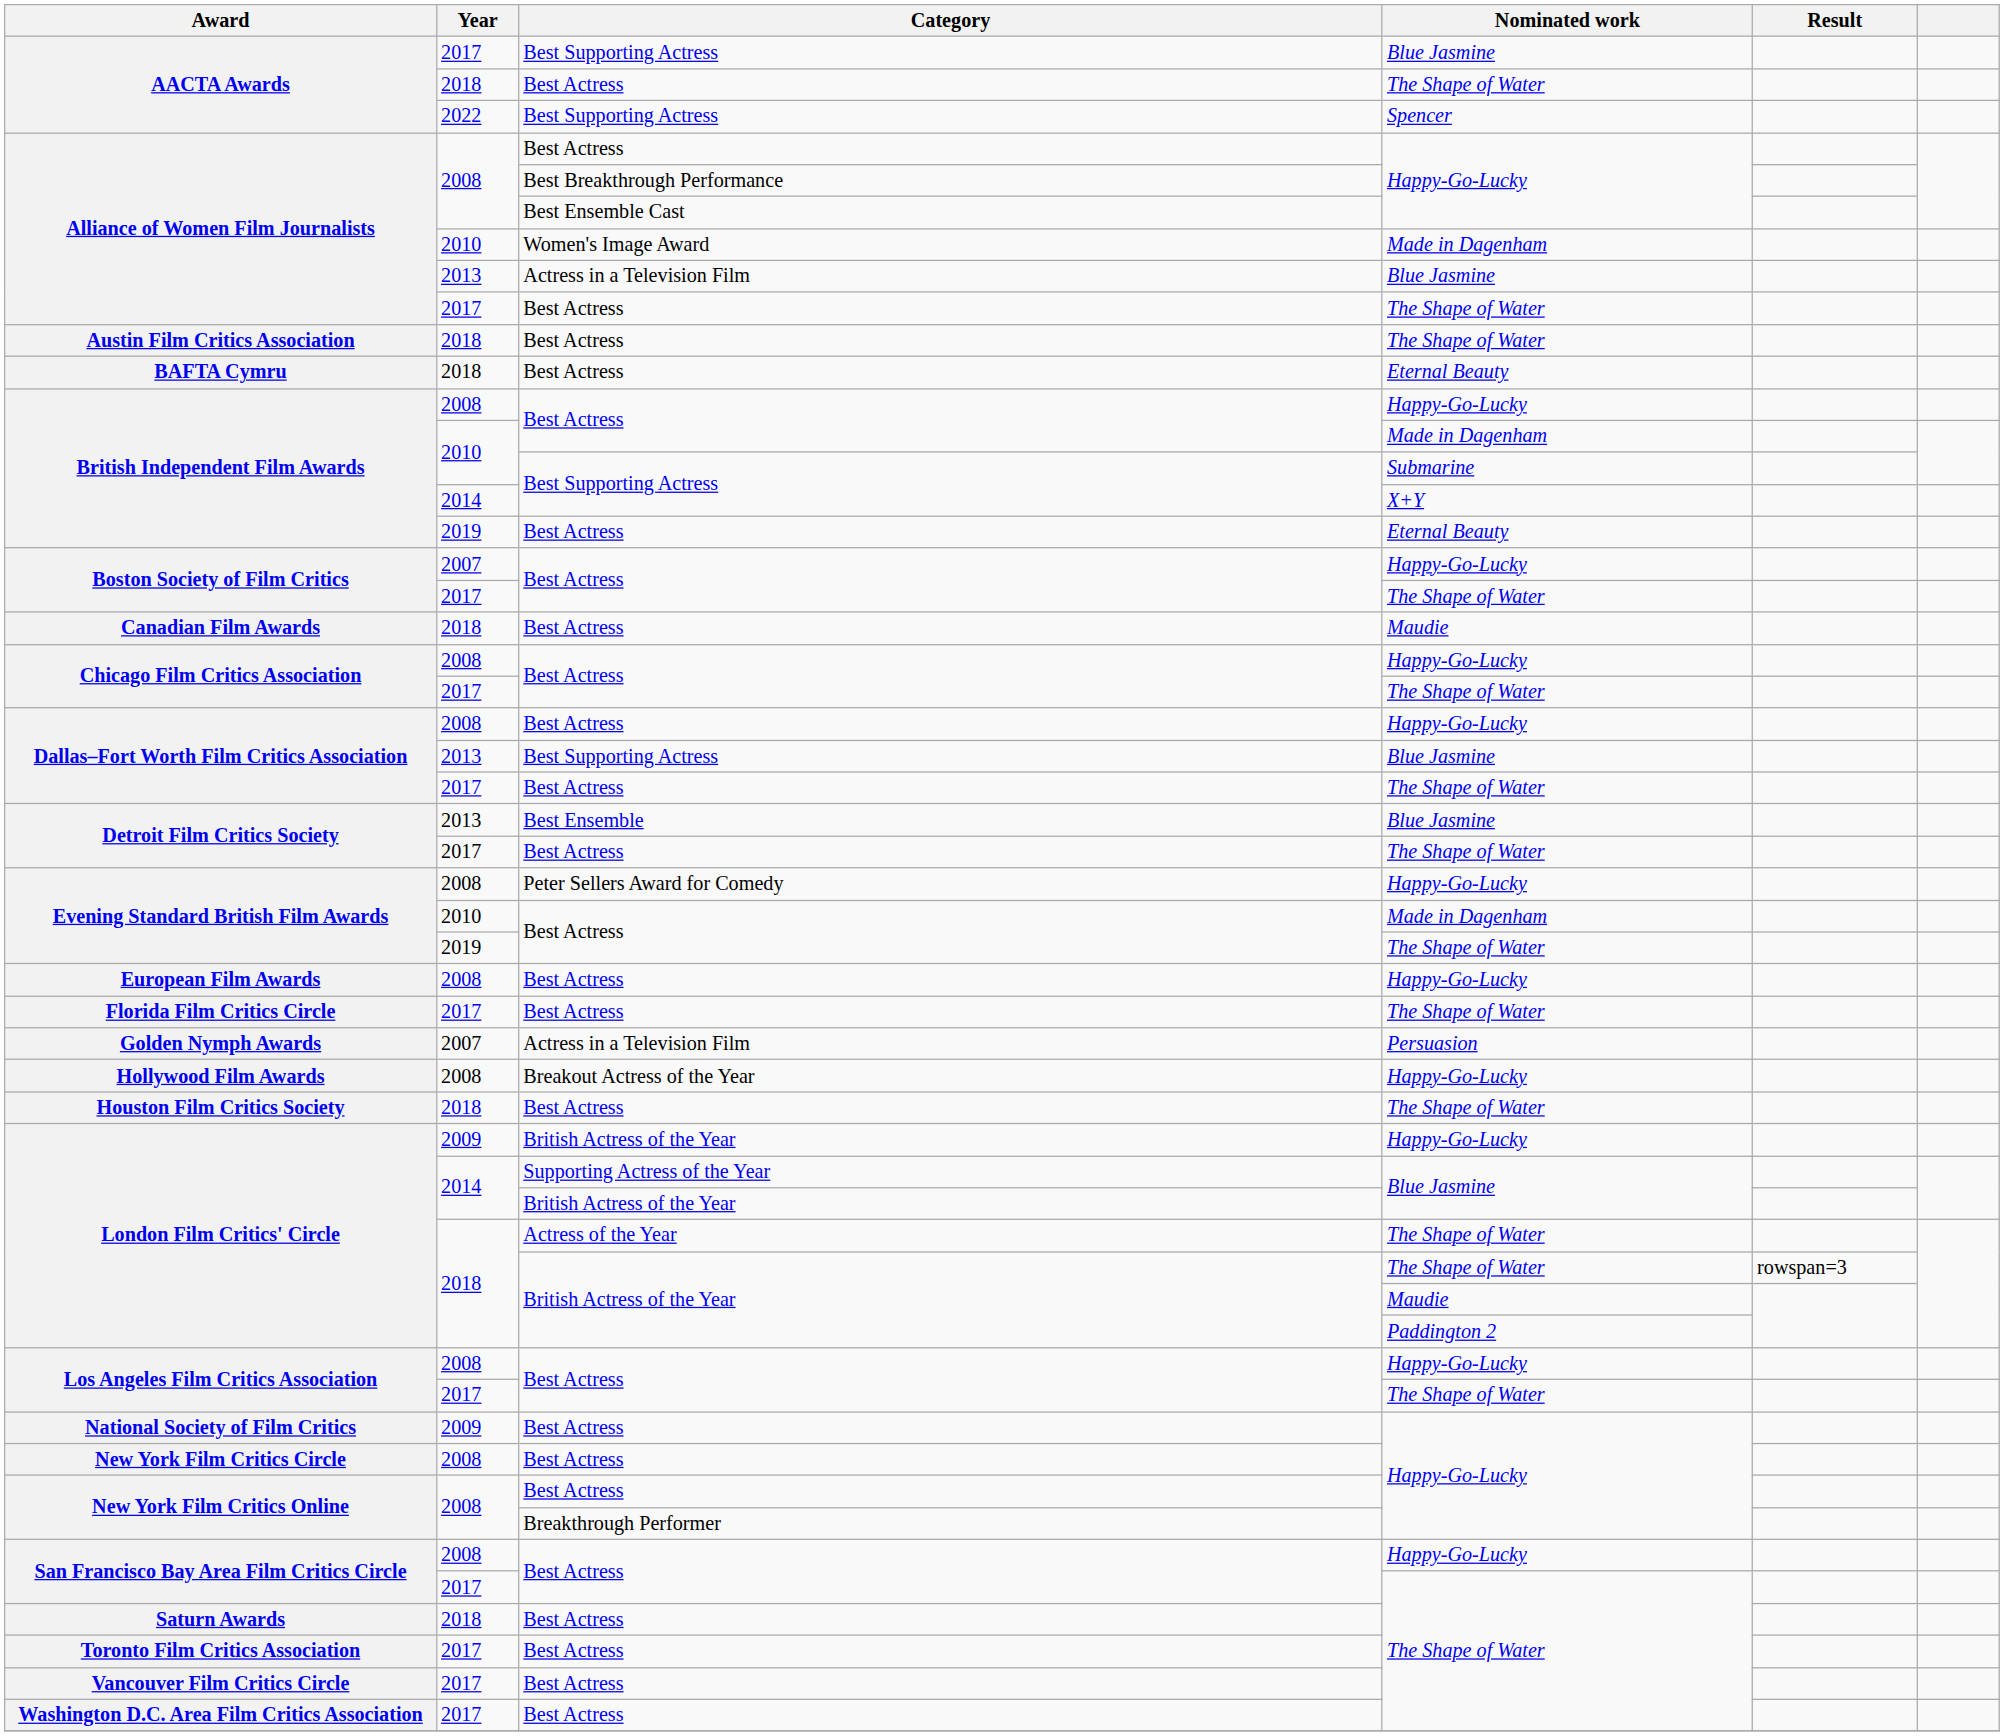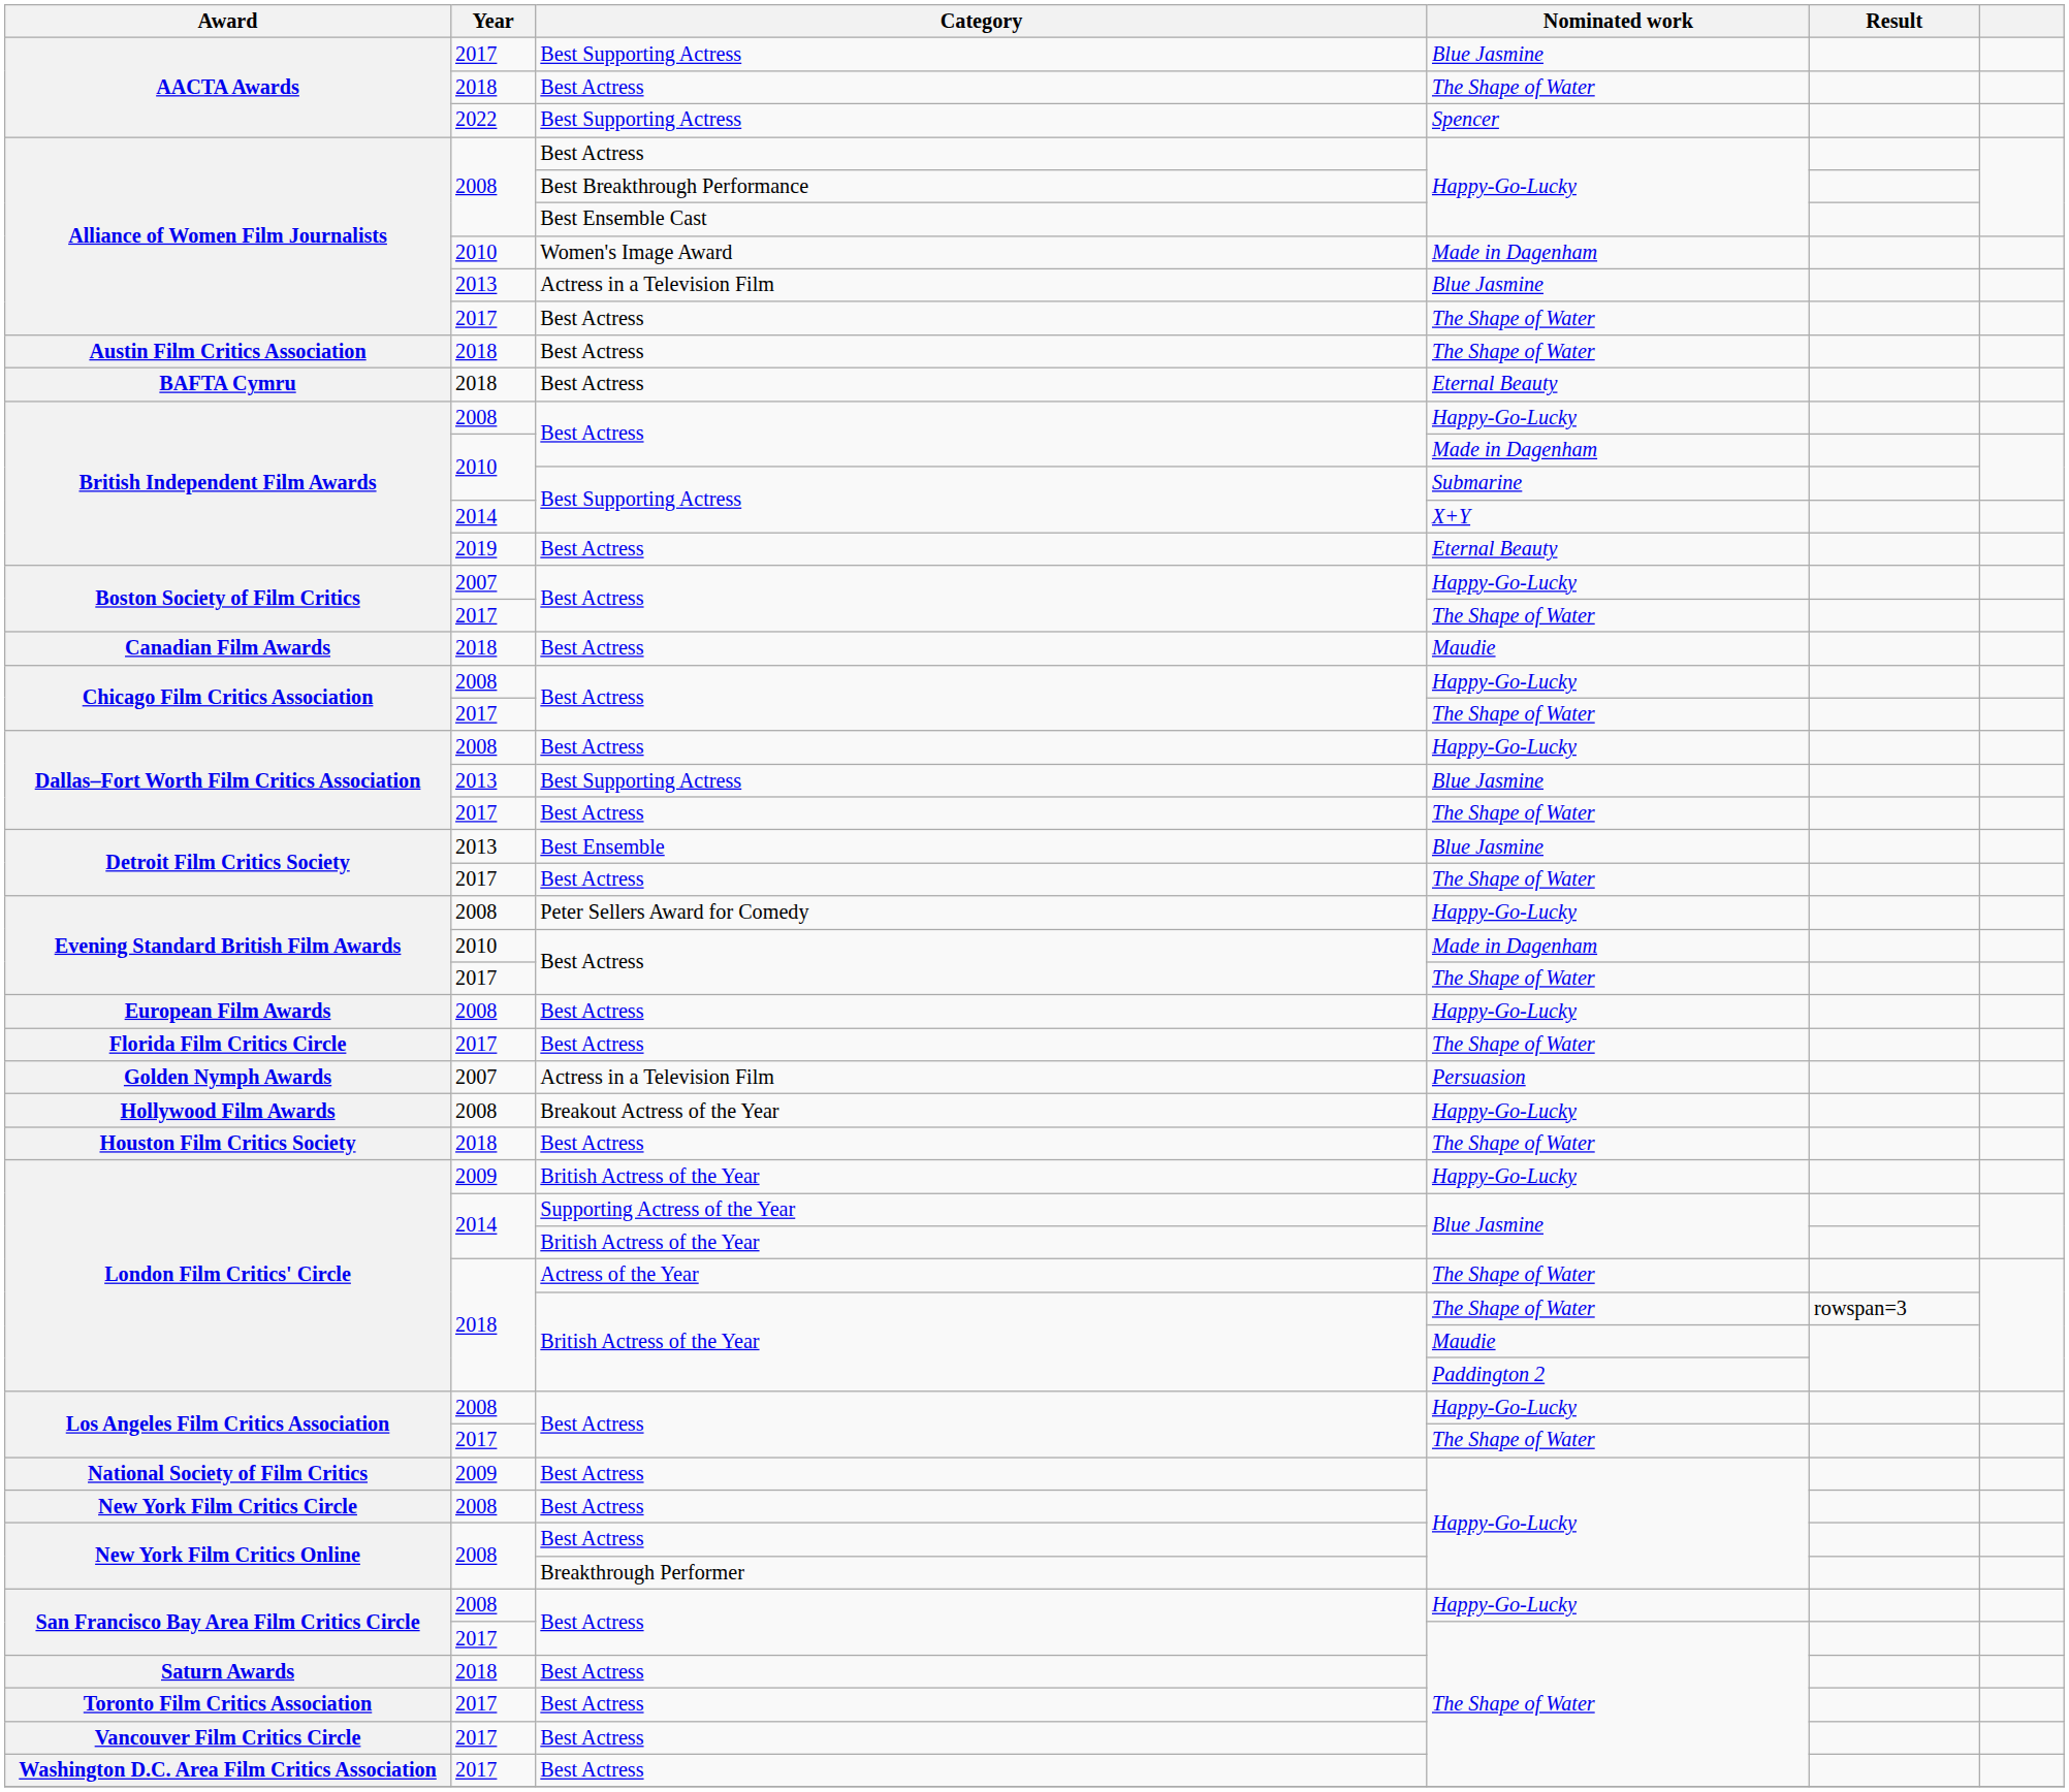 <table class="wikitable sortable plainrowheaders" style="width:100%;">
 <tr>
 <th scope="col" style="width:21%;">Award</th>
 <th scope="col" style="width:4%;">Year</th>
 <th scope="col" style="width:42%;">Category</th>
 <th scope="col" style="width:18%;">Nominated work</th>
 <th scope="col" style="width:8%;">Result</th>
 <th scope="col" style="width:4%;" class="unsortable"></th>
 </tr>
 <tr>
 <th rowspan="3" scope="row"><a href='#'>AACTA Awards</a></th>
 <td><a href='#'>2017</a></td>
 <td><a href='#'>Best Supporting Actress</a></td>
 <td><em><a href='#'>Blue Jasmine</a></em></td>
 <td></td>
 <td align="center"></td>
 </tr>
 <tr>
 <td><a href='#'>2018</a></td>
 <td><a href='#'>Best Actress</a></td>
 <td><em><a href='#'>The Shape of Water</a></em></td>
 <td></td>
 <td align="center"></td>
 </tr>
 <tr>
 <td><a href='#'>2022</a></td>
 <td><a href='#'>Best Supporting Actress</a></td>
 <td><em><a href='#'>Spencer</a></em></td>
 <td></td>
 <td align="center"></td>
 </tr>
 <tr>
 <th rowspan="6" scope="row"><a href='#'>Alliance of Women Film Journalists</a></th>
 <td rowspan="3"><a href='#'>2008</a></td>
 <td>Best Actress</td>
 <td rowspan="3"><em><a href='#'>Happy-Go-Lucky</a></em></td>
 <td></td>
 <td rowspan="3" align="center"></td>
 </tr>
 <tr>
 <td>Best Breakthrough Performance</td>
 <td></td>
 </tr>
 <tr>
 <td>Best Ensemble Cast</td>
 <td></td>
 </tr>
 <tr>
 <td><a href='#'>2010</a></td>
 <td>Women's Image Award</td>
 <td><em><a href='#'>Made in Dagenham</a></em></td>
 <td></td>
 <td></td>
 </tr>
 <tr>
 <td><a href='#'>2013</a></td>
 <td>Actress in a Television Film</td>
 <td><em><a href='#'>Blue Jasmine</a></em></td>
 <td></td>
 <td align="center"></td>
 </tr>
 <tr>
 <td><a href='#'>2017</a></td>
 <td>Best Actress</td>
 <td><em><a href='#'>The Shape of Water</a></em></td>
 <td></td>
 <td></td>
 </tr>
 <tr>
 <th scope="row"><a href='#'>Austin Film Critics Association</a></th>
 <td><a href='#'>2018</a></td>
 <td>Best Actress</td>
 <td><em><a href='#'>The Shape of Water</a></em></td>
 <td></td>
 <td align="center"></td>
 </tr>
 <tr>
 <th scope="row"><a href='#'>BAFTA Cymru</a></th>
 <td>2018</td>
 <td>Best Actress</td>
 <td><em><a href='#'>Eternal Beauty</a></em></td>
 <td></td>
 <td></td>
 </tr>
 <tr>
 <th rowspan="5" scope="row"><a href='#'>British Independent Film Awards</a></th>
 <td><a href='#'>2008</a></td>
 <td rowspan="2"><a href='#'>Best Actress</a></td>
 <td><em><a href='#'>Happy-Go-Lucky</a></em></td>
 <td></td>
 <td align="center"></td>
 </tr>
 <tr>
 <td rowspan="2"><a href='#'>2010</a></td>
 <td><em><a href='#'>Made in Dagenham</a></em></td>
 <td></td>
 <td rowspan="2" align="center"></td>
 </tr>
 <tr>
 <td rowspan="2"><a href='#'>Best Supporting Actress</a></td>
 <td><em><a href='#'>Submarine</a></em></td>
 <td></td>
 </tr>
 <tr>
 <td><a href='#'>2014</a></td>
 <td><em><a href='#'>X+Y</a></em></td>
 <td></td>
 <td align="center"></td>
 </tr>
 <tr>
 <td><a href='#'>2019</a></td>
 <td><a href='#'>Best Actress</a></td>
 <td><em><a href='#'>Eternal Beauty</a></em></td>
 <td></td>
 <td align="center"></td>
 </tr>
 <tr>
 <th rowspan="2" scope="row"><a href='#'>Boston Society of Film Critics</a></th>
 <td><a href='#'>2007</a></td>
 <td rowspan="2"><a href='#'>Best Actress</a></td>
 <td><em><a href='#'>Happy-Go-Lucky</a></em></td>
 <td></td>
 <td></td>
 </tr>
 <tr>
 <td><a href='#'>2017</a></td>
 <td><em><a href='#'>The Shape of Water</a></em></td>
 <td></td>
 <td align="center"></td>
 </tr>
 <tr>
 <th scope="row"><a href='#'>Canadian Film Awards</a></th>
 <td><a href='#'>2018</a></td>
 <td><a href='#'>Best Actress</a></td>
 <td><em><a href='#'>Maudie</a></em></td>
 <td></td>
 <td align="center"></td>
 </tr>
 <tr>
 <th rowspan="2" scope="row"><a href='#'>Chicago Film Critics Association</a></th>
 <td><a href='#'>2008</a></td>
 <td rowspan="2"><a href='#'>Best Actress</a></td>
 <td><em><a href='#'>Happy-Go-Lucky</a></em></td>
 <td></td>
 <td></td>
 </tr>
 <tr>
 <td><a href='#'>2017</a></td>
 <td><em><a href='#'>The Shape of Water</a></em></td>
 <td></td>
 <td align="center"></td>
 </tr>
 <tr>
 <th rowspan="3" scope="row"><a href='#'>Dallas–Fort Worth Film Critics Association</a></th>
 <td><a href='#'>2008</a></td>
 <td><a href='#'>Best Actress</a></td>
 <td><em><a href='#'>Happy-Go-Lucky</a></em></td>
 <td></td>
 <td align="center"></td>
 </tr>
 <tr>
 <td><a href='#'>2013</a></td>
 <td><a href='#'>Best Supporting Actress</a></td>
 <td><em><a href='#'>Blue Jasmine</a></em></td>
 <td></td>
 <td align="center"></td>
 </tr>
 <tr>
 <td><a href='#'>2017</a></td>
 <td><a href='#'>Best Actress</a></td>
 <td><em><a href='#'>The Shape of Water</a></em></td>
 <td></td>
 <td align="center"></td>
 </tr>
 <tr>
 <th rowspan="2" scope="row"><a href='#'>Detroit Film Critics Society</a></th>
 <td>2013</td>
 <td><a href='#'>Best Ensemble</a></td>
 <td><em><a href='#'>Blue Jasmine</a></em></td>
 <td></td>
 <td></td>
 </tr>
 <tr>
 <td>2017</td>
 <td><a href='#'>Best Actress</a></td>
 <td><em><a href='#'>The Shape of Water</a></em></td>
 <td></td>
 <td align="center"></td>
 </tr>
 <tr>
 <th rowspan="3" scope="row"><a href='#'>Evening Standard British Film Awards</a></th>
 <td>2008</td>
 <td>Peter Sellers Award for Comedy</td>
 <td><em><a href='#'>Happy-Go-Lucky</a></em></td>
 <td></td>
 <td></td>
 </tr>
 <tr>
 <td>2010</td>
 <td rowspan="2">Best Actress</td>
 <td><em><a href='#'>Made in Dagenham</a></em></td>
 <td></td>
 <td></td>
 </tr>
 <tr>
-<td>2019</td>
+<td>2017</td>
 <td><em><a href='#'>The Shape of Water</a></em></td>
 <td></td>
 <td></td>
 </tr>
 <tr>
 <th scope="row"><a href='#'>European Film Awards</a></th>
 <td><a href='#'>2008</a></td>
 <td><a href='#'>Best Actress</a></td>
 <td><em><a href='#'>Happy-Go-Lucky</a></em></td>
 <td></td>
 <td align="center"></td>
 </tr>
 <tr>
 <th scope="row"><a href='#'>Florida Film Critics Circle</a></th>
 <td><a href='#'>2017</a></td>
 <td><a href='#'>Best Actress</a></td>
 <td><em><a href='#'>The Shape of Water</a></em></td>
 <td></td>
 <td align="center"></td>
 </tr>
 <tr>
 <th scope="row"><a href='#'>Golden Nymph Awards</a></th>
 <td>2007</td>
 <td>Actress in a Television Film</td>
 <td><em><a href='#'>Persuasion</a></em></td>
 <td></td>
 <td></td>
 </tr>
 <tr>
 <th scope="row"><a href='#'>Hollywood Film Awards</a></th>
 <td>2008</td>
 <td>Breakout Actress of the Year</td>
 <td><em><a href='#'>Happy-Go-Lucky</a></em></td>
 <td></td>
 <td></td>
 </tr>
 <tr>
 <th scope="row"><a href='#'>Houston Film Critics Society</a></th>
 <td><a href='#'>2018</a></td>
 <td><a href='#'>Best Actress</a></td>
 <td><em><a href='#'>The Shape of Water</a></em></td>
 <td></td>
 <td align="center"></td>
 </tr>
 <tr>
 <th rowspan="7" scope="row"><a href='#'>London Film Critics' Circle</a></th>
 <td><a href='#'>2009</a></td>
 <td><a href='#'>British Actress of the Year</a></td>
 <td><em><a href='#'>Happy-Go-Lucky</a></em></td>
 <td></td>
 <td align="center"></td>
 </tr>
 <tr>
 <td rowspan="2"><a href='#'>2014</a></td>
 <td><a href='#'>Supporting Actress of the Year</a></td>
 <td rowspan="2"><em><a href='#'>Blue Jasmine</a></em></td>
 <td></td>
 <td rowspan="2" align="center"></td>
 </tr>
 <tr>
 <td><a href='#'>British Actress of the Year</a></td>
 <td></td>
 </tr>
 <tr>
 <td rowspan="4"><a href='#'>2018</a></td>
 <td><a href='#'>Actress of the Year</a></td>
 <td><em><a href='#'>The Shape of Water</a></em></td>
 <td></td>
 <td rowspan="4" align="center"></td>
 </tr>
 <tr>
 <td rowspan="3"><a href='#'>British Actress of the Year</a></td>
 <td><em><a href='#'>The Shape of Water</a></em></td>
 <td>rowspan=3 </td>
 </tr>
 <tr>
 <td><em><a href='#'>Maudie</a></em></td>
 </tr>
 <tr>
 <td><em><a href='#'>Paddington 2</a></em></td>
 </tr>
 <tr>
 <th rowspan="2" scope="row"><a href='#'>Los Angeles Film Critics Association</a></th>
 <td><a href='#'>2008</a></td>
 <td rowspan="2"><a href='#'>Best Actress</a></td>
 <td><em><a href='#'>Happy-Go-Lucky</a></em></td>
 <td></td>
 <td align="center"></td>
 </tr>
 <tr>
 <td><a href='#'>2017</a></td>
 <td><em><a href='#'>The Shape of Water</a></em></td>
 <td></td>
 <td align="center"></td>
 </tr>
 <tr>
 <th scope="row"><a href='#'>National Society of Film Critics</a></th>
 <td><a href='#'>2009</a></td>
 <td><a href='#'>Best Actress</a></td>
 <td rowspan="4"><em><a href='#'>Happy-Go-Lucky</a></em></td>
 <td></td>
 <td></td>
 </tr>
 <tr>
 <th scope="row"><a href='#'>New York Film Critics Circle</a></th>
 <td><a href='#'>2008</a></td>
 <td><a href='#'>Best Actress</a></td>
 <td></td>
 <td></td>
 </tr>
 <tr>
 <th rowspan="2" scope="row"><a href='#'>New York Film Critics Online</a></th>
 <td rowspan="2"><a href='#'>2008</a></td>
 <td><a href='#'>Best Actress</a></td>
 <td></td>
 <td></td>
 </tr>
 <tr>
 <td>Breakthrough Performer</td>
 <td></td>
 <td></td>
 </tr>
 <tr>
 <th rowspan="2" scope="row"><a href='#'>San Francisco Bay Area Film Critics Circle</a></th>
 <td><a href='#'>2008</a></td>
 <td rowspan="2"><a href='#'>Best Actress</a></td>
 <td><em><a href='#'>Happy-Go-Lucky</a></em></td>
 <td></td>
 <td></td>
 </tr>
 <tr>
 <td><a href='#'>2017</a></td>
 <td rowspan="5"><em><a href='#'>The Shape of Water</a></em></td>
 <td></td>
 <td align="center"></td>
 </tr>
 <tr>
 <th scope="row"><a href='#'>Saturn Awards</a></th>
 <td><a href='#'>2018</a></td>
 <td><a href='#'>Best Actress</a></td>
 <td></td>
 <td align="center"></td>
 </tr>
 <tr>
 <th scope="row"><a href='#'>Toronto Film Critics Association</a></th>
 <td><a href='#'>2017</a></td>
 <td><a href='#'>Best Actress</a></td>
 <td></td>
 <td align="center"></td>
 </tr>
 <tr>
 <th scope="row"><a href='#'>Vancouver Film Critics Circle</a></th>
 <td><a href='#'>2017</a></td>
 <td><a href='#'>Best Actress</a></td>
 <td></td>
 <td align="center"></td>
 </tr>
 <tr>
 <th scope="row"><a href='#'>Washington D.C. Area Film Critics Association</a></th>
 <td><a href='#'>2017</a></td>
 <td><a href='#'>Best Actress</a></td>
 <td></td>
 <td align="center"></td>
 </tr>
 <tr>
 </tr>
 </table>
